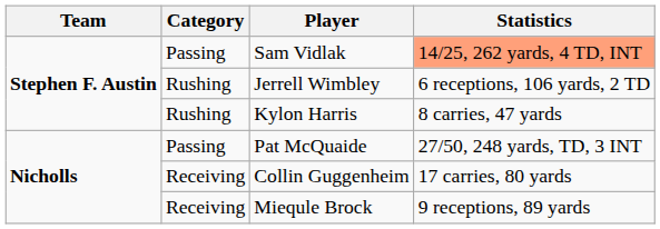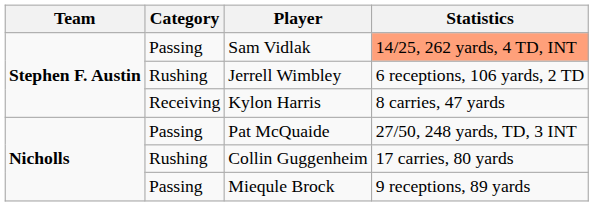 <table class="wikitable" style="float: right;">
 <tr>
 <th>Team</th>
 <th>Category</th>
 <th>Player</th>
 <th>Statistics</th>
 </tr>
 <tr>
 <td rowspan=3><strong>Stephen F. Austin</strong></td>
 <td>Passing</td>
 <td>Sam Vidlak</td>
 <td style="background: lightsalmon;">14/25, 262 yards, 4 TD, INT</td>
 </tr>
 <tr>
 <td>Rushing</td>
 <td>Jerrell Wimbley</td>
 <td>6 receptions, 106 yards, 2 TD</td>
 </tr>
 <tr>
-<td>Rushing</td>
+<td>Receiving</td>
 <td>Kylon Harris</td>
 <td>8 carries, 47 yards</td>
 </tr>
 <tr>
 <td rowspan=3><strong>Nicholls</strong></td>
 <td>Passing</td>
 <td>Pat McQuaide</td>
 <td>27/50, 248 yards, TD, 3 INT</td>
 </tr>
 <tr>
-<td>Receiving</td>
+<td>Rushing</td>
 <td>Collin Guggenheim</td>
 <td>17 carries, 80 yards</td>
 </tr>
 <tr>
-<td>Receiving</td>
+<td>Passing</td>
 <td>Miequle Brock</td>
 <td>9 receptions, 89 yards</td>
 </tr>
 </table>
